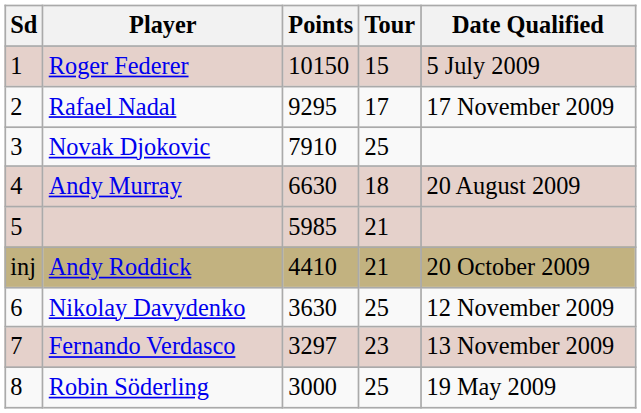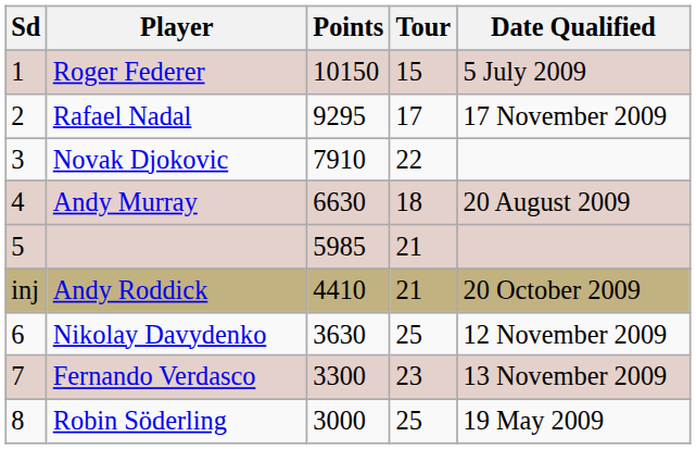 <table class=wikitable align=right style=font-size:90%;text:justify>
 <tr>
 <th>Sd</th>
 <th width=135>Player</th>
 <th>Points</th>
 <th width=20>Tour</th>
 <th width=120>Date Qualified</th>
 </tr>
 <tr bgcolor=#e5d1cb>
 <td>1</td>
 <td> <a href='#'>Roger Federer</a></td>
 <td>10150</td>
 <td>15</td>
 <td>5 July 2009 </td>
 </tr>
 <tr>
 <td>2</td>
 <td> <a href='#'>Rafael Nadal</a></td>
 <td>9295</td>
 <td>17</td>
 <td>17 November 2009</td>
 </tr>
 <tr>
 <td>3</td>
 <td> <a href='#'>Novak Djokovic</a></td>
 <td>7910</td>
-<td>25</td>
+<td>22</td>
 <td></td>
 </tr>
 <tr bgcolor=#e5d1cb>
 <td>4</td>
 <td> <a href='#'>Andy Murray</a></td>
 <td>6630</td>
 <td>18</td>
 <td>20 August 2009</td>
 </tr>
 <tr bgcolor=#e5d1cb>
 <td>5</td>
 <td></td>
 <td>5985</td>
 <td>21</td>
 <td></td>
 </tr>
 <tr bgcolor=#C2B280>
 <td>inj</td>
 <td> <a href='#'>Andy Roddick</a></td>
 <td>4410</td>
 <td>21</td>
 <td>20 October 2009</td>
 </tr>
 <tr>
 <td>6</td>
 <td> <a href='#'>Nikolay Davydenko</a></td>
 <td>3630</td>
 <td>25</td>
 <td>12 November 2009</td>
 </tr>
 <tr bgcolor=#e5d1cb>
 <td>7</td>
 <td> <a href='#'>Fernando Verdasco</a></td>
-<td>3297</td>
+<td>3300</td>
 <td>23</td>
 <td>13 November 2009</td>
 </tr>
 <tr>
 <td>8</td>
 <td> <a href='#'>Robin Söderling</a></td>
 <td>3000</td>
 <td>25</td>
 <td>19 May 2009</td>
 </tr>
 </table>
